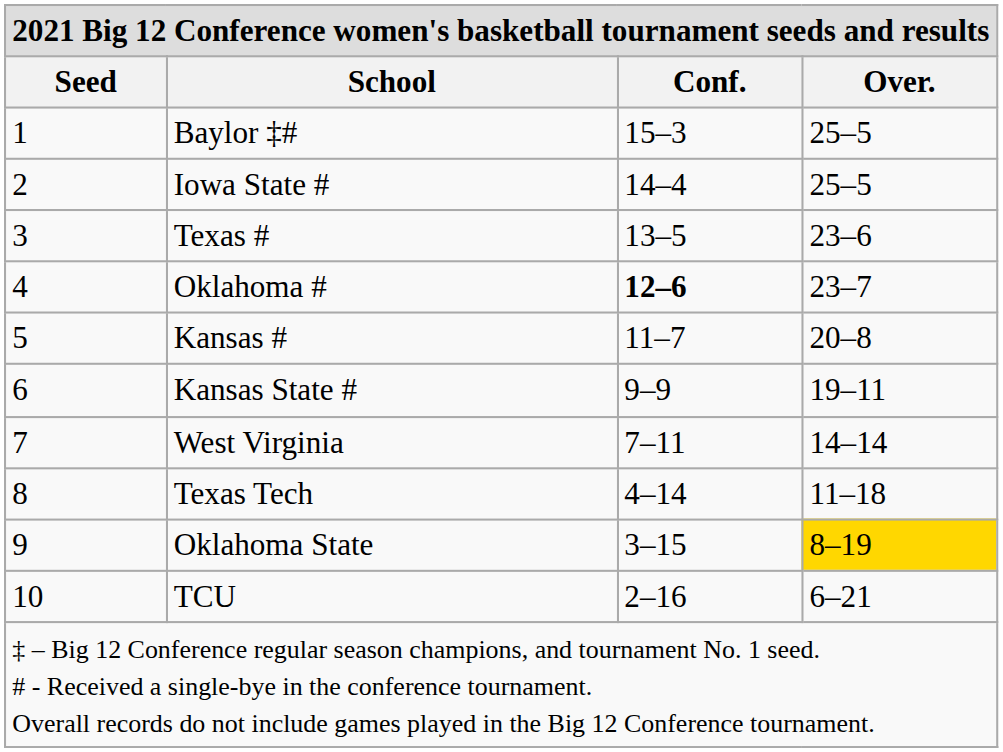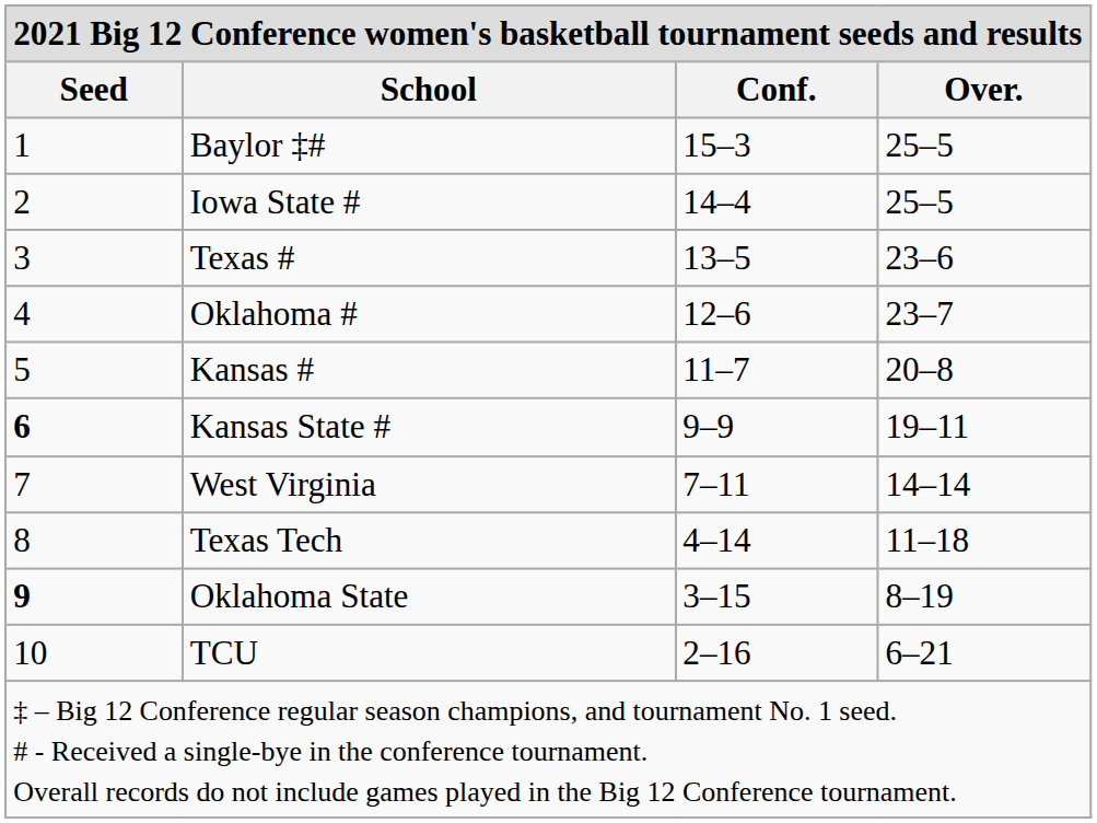 <table class="wikitable" style="white-space:nowrap; font-size:95%;">
 <tr>
 <td colspan="9" style="text-align:center; background:#DDDDDD; font:#000000"><strong>2021 Big 12 Conference women's basketball tournament seeds and results</strong></td>
 </tr>
 <tr bgcolor="#efefef">
 <th>Seed</th>
 <th>School</th>
 <th>Conf.</th>
 <th>Over.</th>
 </tr>
 <tr>
 <td>1</td>
 <td>Baylor ‡#</td>
 <td>15–3</td>
 <td>25–5</td>
 </tr>
 <tr>
 <td>2</td>
 <td>Iowa State #</td>
 <td>14–4</td>
 <td>25–5</td>
 </tr>
 <tr>
 <td>3</td>
 <td>Texas #</td>
 <td>13–5</td>
 <td>23–6</td>
 </tr>
 <tr>
 <td>4</td>
 <td>Oklahoma #</td>
-<td><strong>12–6</strong></td>
+<td>12–6</td>
 <td>23–7</td>
 </tr>
 <tr>
 <td>5</td>
 <td>Kansas #</td>
 <td>11–7</td>
 <td>20–8</td>
 </tr>
 <tr>
-<td>6</td>
+<td><strong>6</strong></td>
 <td>Kansas State #</td>
 <td>9–9</td>
 <td>19–11</td>
 </tr>
 <tr>
 <td>7</td>
 <td>West Virginia</td>
 <td>7–11</td>
 <td>14–14</td>
 </tr>
 <tr>
 <td>8</td>
 <td>Texas Tech</td>
 <td>4–14</td>
 <td>11–18</td>
 </tr>
 <tr>
-<td>9</td>
+<td><strong>9</strong></td>
 <td>Oklahoma State</td>
 <td>3–15</td>
-<td style="background: gold;">8–19</td>
+<td>8–19</td>
 </tr>
 <tr>
 <td>10</td>
 <td>TCU</td>
 <td>2–16</td>
 <td>6–21</td>
 </tr>
 <tr>
 <td colspan="9" style="text-align:left;"><small>‡ – Big 12 Conference regular season champions, and tournament No. 1 seed.<br># - Received a single-bye in the conference tournament.<br>Overall records do not include games played in the Big 12 Conference tournament.</small></td>
 </tr>
 <tr>
 </tr>
 </table>
